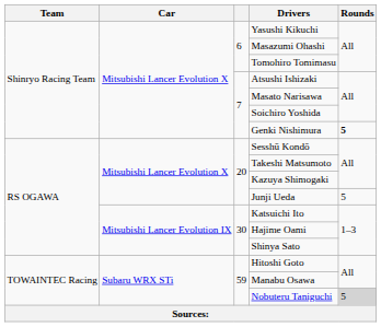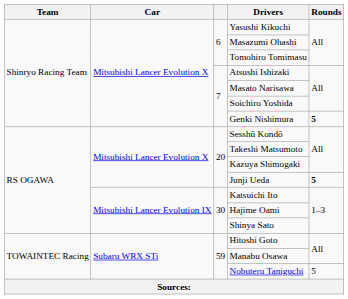 <table class="wikitable" style="font-size: 85%">
 <tr>
 <th>Team</th>
 <th>Car</th>
 <th></th>
 <th>Drivers</th>
 <th>Rounds</th>
 </tr>
 <tr>
 <td rowspan=7> Shinryo Racing Team</td>
 <td rowspan=7><a href='#'>Mitsubishi Lancer Evolution X</a></td>
 <td rowspan=3>6</td>
 <td> Yasushi Kikuchi</td>
 <td rowspan=3>All</td>
 </tr>
 <tr>
 <td> Masazumi Ohashi</td>
 </tr>
 <tr>
 <td> Tomohiro Tomimasu</td>
 </tr>
 <tr>
 <td rowspan=4>7</td>
 <td> Atsushi Ishizaki</td>
 <td rowspan=3>All</td>
 </tr>
 <tr>
 <td> Masato Narisawa</td>
 </tr>
 <tr>
 <td> Soichiro Yoshida</td>
 </tr>
 <tr>
 <td> Genki Nishimura</td>
 <td><strong>5</strong></td>
 </tr>
 <tr>
 <td rowspan=7> RS OGAWA</td>
 <td rowspan=4><a href='#'>Mitsubishi Lancer Evolution X</a></td>
 <td rowspan=4>20</td>
 <td> Sesshū Kondō</td>
 <td rowspan=3>All</td>
 </tr>
 <tr>
 <td> Takeshi Matsumoto</td>
 </tr>
 <tr>
 <td> Kazuya Shimogaki</td>
 </tr>
 <tr>
 <td> Junji Ueda</td>
-<td>5</td>
+<td><strong>5</strong></td>
 </tr>
 <tr>
 <td rowspan=3><a href='#'>Mitsubishi Lancer Evolution IX</a></td>
 <td rowspan=3>30</td>
 <td> Katsuichi Ito</td>
 <td rowspan=3>1–3</td>
 </tr>
 <tr>
 <td> Hajime Oami</td>
 </tr>
 <tr>
 <td> Shinya Sato</td>
 </tr>
 <tr>
 <td rowspan=3> TOWAINTEC Racing</td>
 <td rowspan=3><a href='#'>Subaru WRX STi</a></td>
 <td rowspan=3>59</td>
 <td> Hitoshi Goto</td>
 <td rowspan=2>All</td>
 </tr>
 <tr>
 <td> Manabu Osawa</td>
 </tr>
 <tr>
 <td> <a href='#'>Nobuteru Taniguchi</a></td>
-<td style="background: lightgrey;">5</td>
+<td>5</td>
 </tr>
 <tr>
 <th colspan=5>Sources:</th>
 </tr>
 </table>
